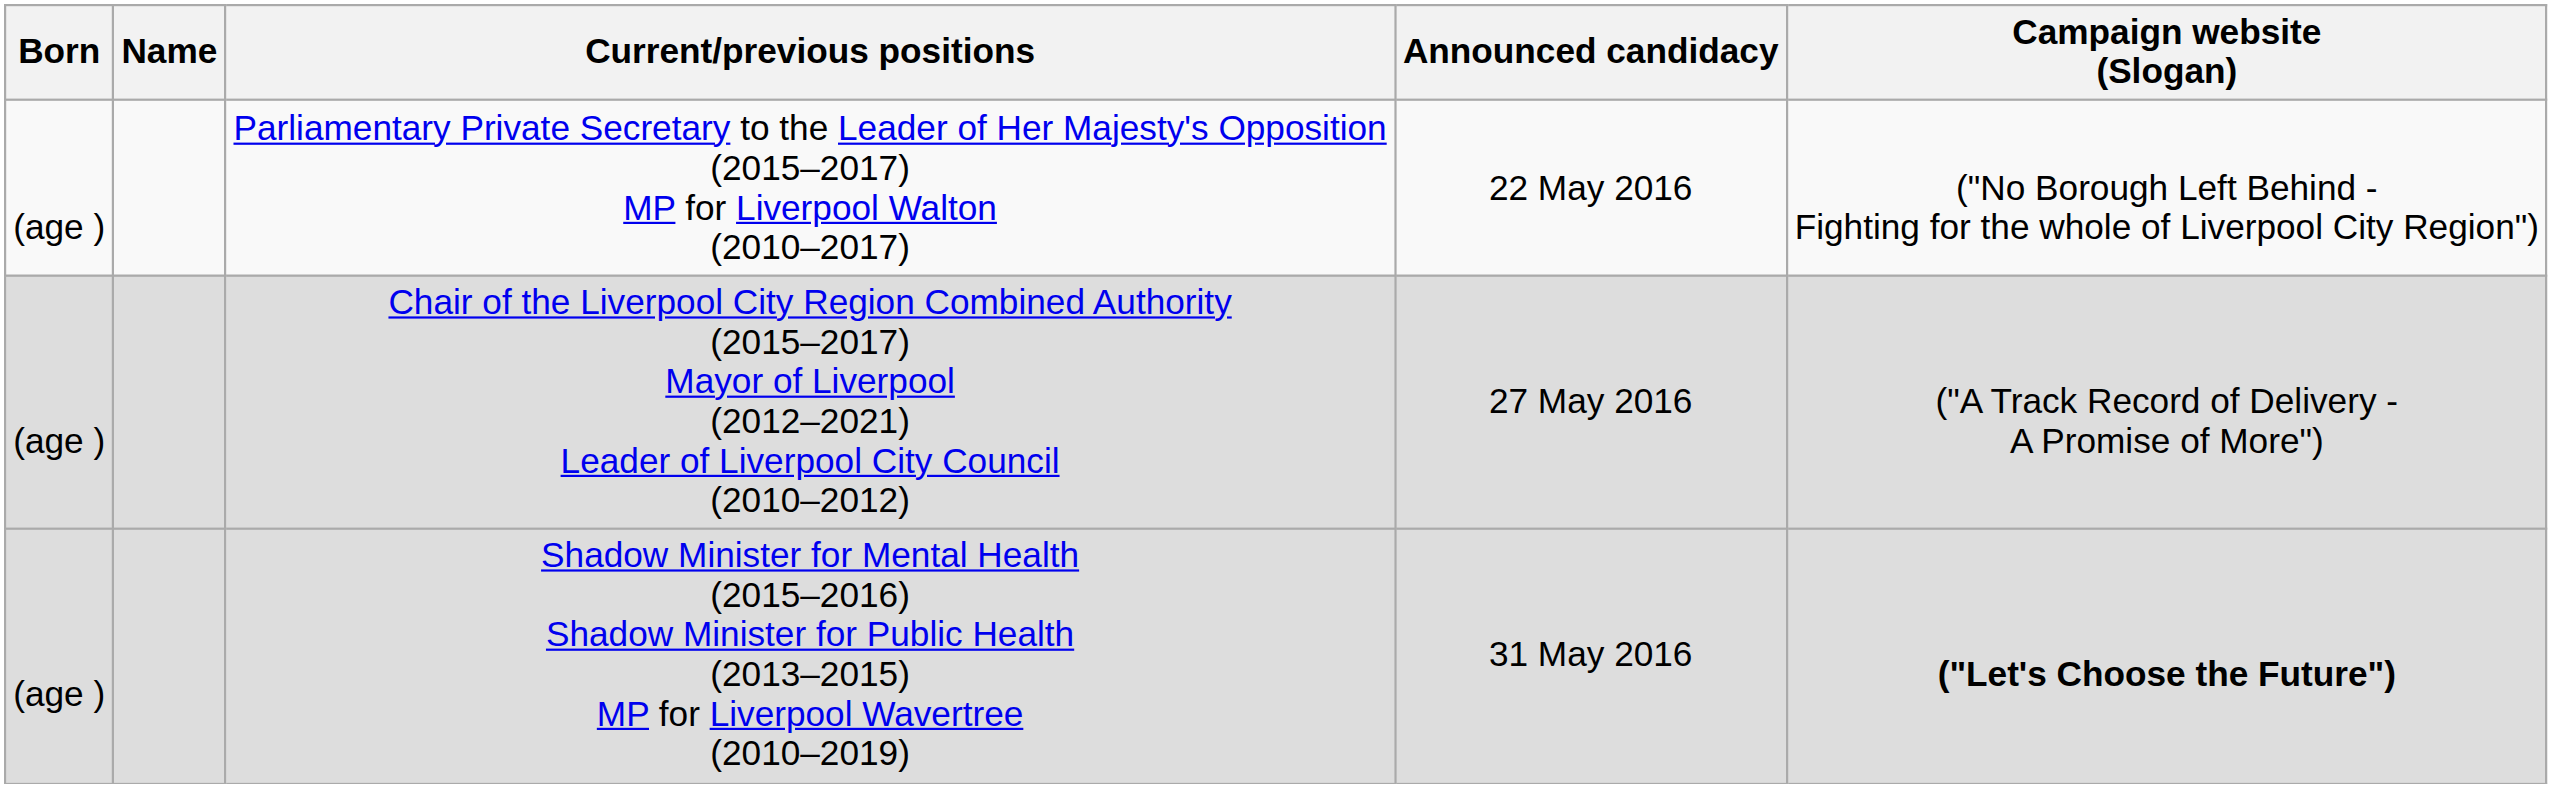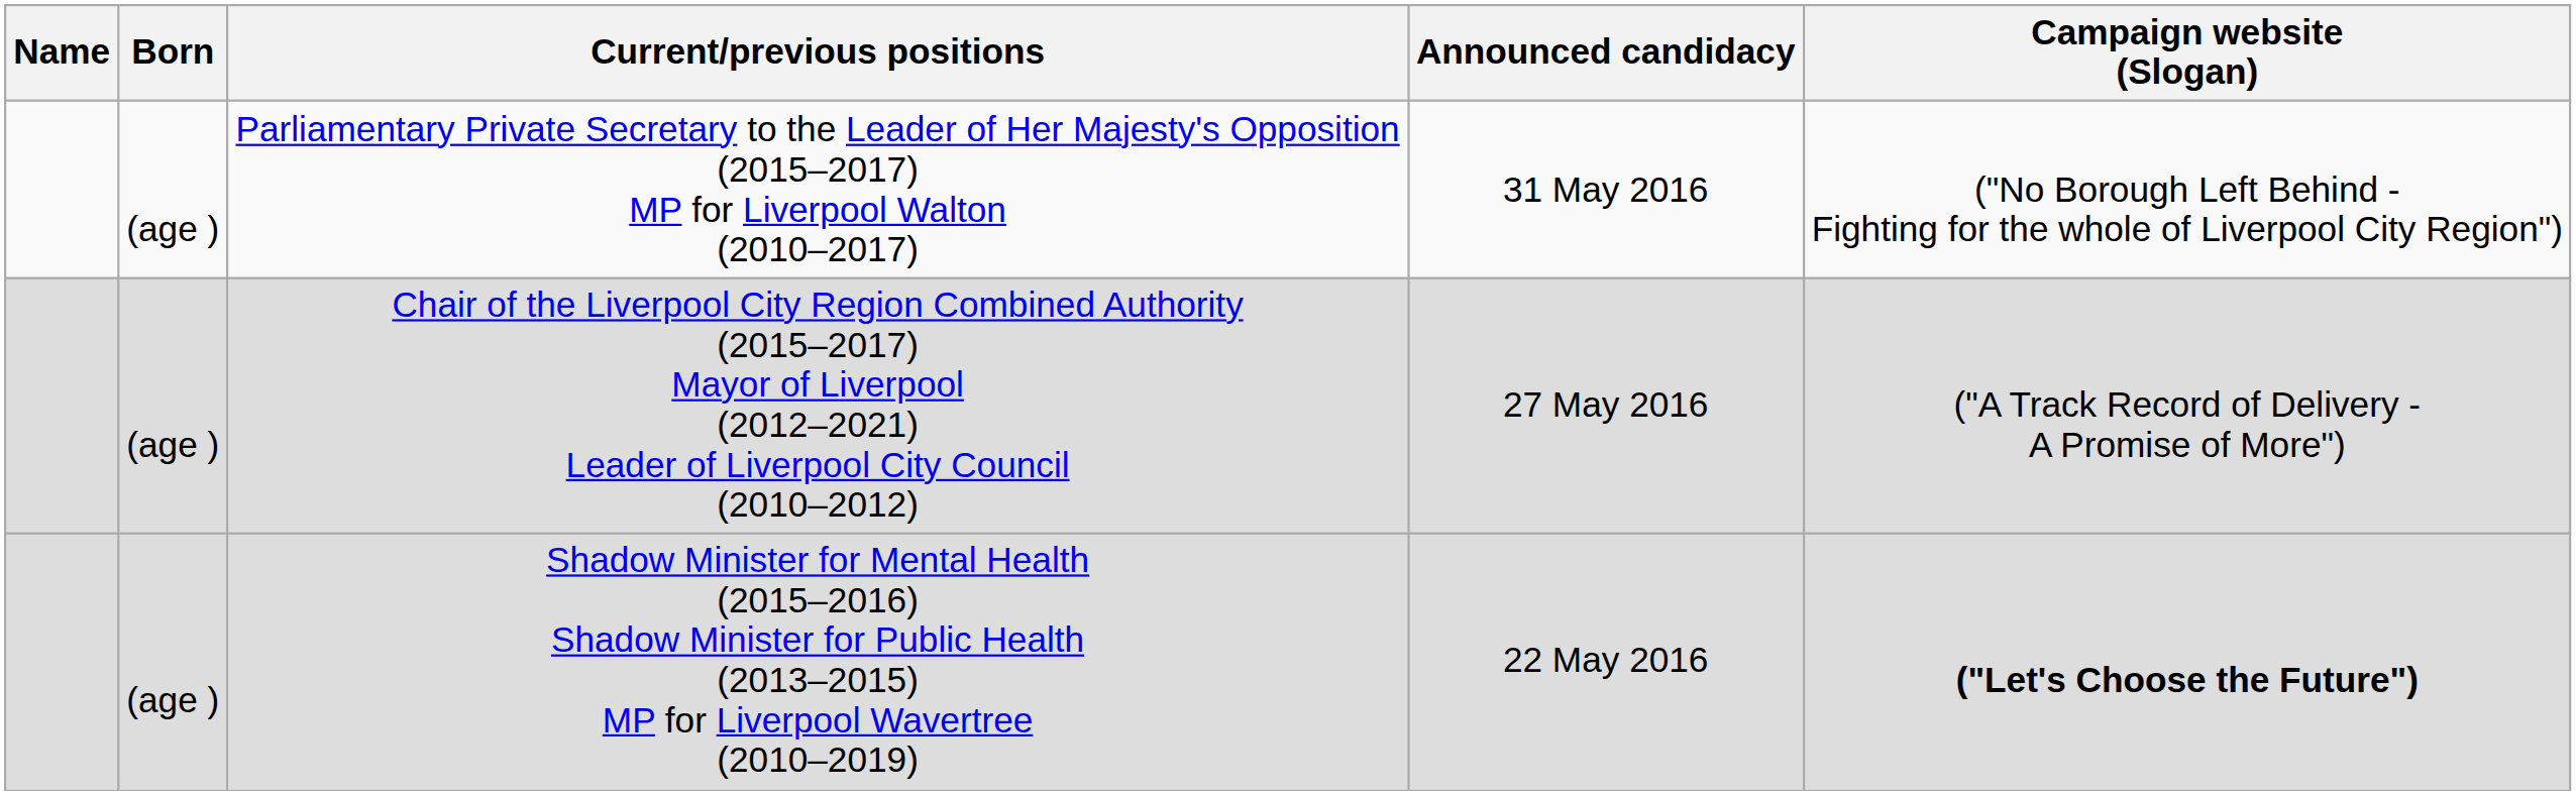 <table class="wikitable sortable" style="text-align:center">
 <tr>
+<th>Name</th>
 <th>Born</th>
-<th>Name</th>
 <th>Current/previous positions</th>
 <th>Announced candidacy</th>
 <th>Campaign website<br> (Slogan)</th>
 </tr>
 <tr>
+<td><br> <strong></strong></td>
 <td><br> <br> (age )</td>
-<td><br> <strong></strong></td>
 <td><a href='#'>Parliamentary Private Secretary</a> to the <a href='#'>Leader of Her Majesty's Opposition</a><br>(2015–2017)<br> <a href='#'>MP</a> for <a href='#'>Liverpool Walton</a><br>(2010–2017)</td>
-<td>22 May 2016</td>
+<td>31 May 2016</td>
 <td><br> ("No Borough Left Behind -<br>Fighting for the whole of Liverpool City Region")</td>
 </tr>
 <tr style="background: #DDDDDD">
+<td><br><strong></strong></td>
 <td><br><br> (age )</td>
-<td><br><strong></strong></td>
 <td><a href='#'>Chair of the Liverpool City Region Combined Authority</a><br> (2015–2017)<br> <a href='#'>Mayor of Liverpool</a><br> (2012–2021)<br> <a href='#'>Leader of Liverpool City Council</a><br> (2010–2012)</td>
 <td>27 May 2016</td>
 <td><br> ("A Track Record of Delivery -<br>A Promise of More")</td>
 </tr>
 <tr style="background: #DDDDDD">
+<td><br> <strong></strong></td>
 <td><br> <br> (age )</td>
-<td><br> <strong></strong></td>
 <td><a href='#'>Shadow Minister for Mental Health</a><br> (2015–2016)<br> <a href='#'>Shadow Minister for Public Health</a><br> (2013–2015)<br> <a href='#'>MP</a> for <a href='#'>Liverpool Wavertree</a><br> (2010–2019)</td>
-<td>31 May 2016</td>
+<td>22 May 2016</td>
 <td><strong> <br> ("Let's Choose the Future")</strong></td>
 </tr>
 </table>
